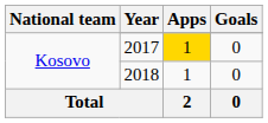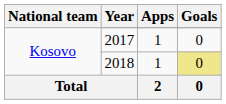 <table class="wikitable" style="text-align:center">
 <tr>
 <th>National team</th>
 <th>Year</th>
 <th>Apps</th>
 <th>Goals</th>
 </tr>
 <tr>
 <td rowspan="3"><a href='#'>Kosovo</a></td>
 </tr>
 <tr>
 <td>2017</td>
-<td style="background: gold;">1</td>
+<td>1</td>
 <td>0</td>
 </tr>
 <tr>
 <td>2018</td>
 <td>1</td>
-<td>0</td>
+<td style="background: khaki;">0</td>
 </tr>
 <tr>
 <th colspan="2">Total</th>
 <th>2</th>
 <th>0</th>
 </tr>
 </table>
